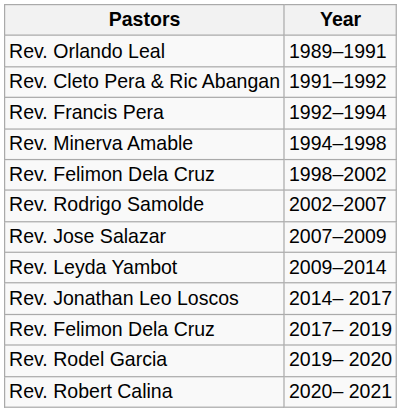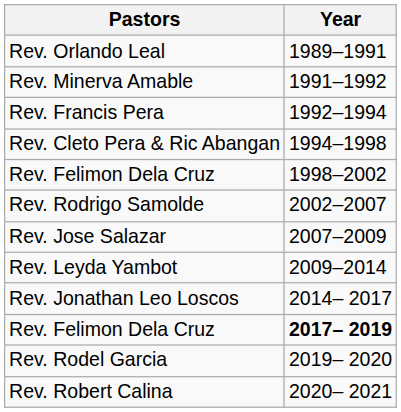 <table class="wikitable">
 <tr>
 <th>Pastors</th>
 <th>Year</th>
 </tr>
 <tr>
 <td>Rev. Orlando Leal</td>
 <td>1989–1991</td>
 </tr>
 <tr>
-<td>Rev. Cleto Pera & Ric Abangan</td>
+<td>Rev. Minerva Amable</td>
 <td>1991–1992</td>
 </tr>
 <tr>
 <td>Rev. Francis Pera</td>
 <td>1992–1994</td>
 </tr>
 <tr>
-<td>Rev. Minerva Amable</td>
+<td>Rev. Cleto Pera & Ric Abangan</td>
 <td>1994–1998</td>
 </tr>
 <tr>
 <td>Rev. Felimon Dela Cruz</td>
 <td>1998–2002</td>
 </tr>
 <tr>
 <td>Rev. Rodrigo Samolde</td>
 <td>2002–2007</td>
 </tr>
 <tr>
 <td>Rev. Jose Salazar</td>
 <td>2007–2009</td>
 </tr>
 <tr>
 <td>Rev. Leyda Yambot</td>
 <td>2009–2014</td>
 </tr>
 <tr>
 <td>Rev. Jonathan Leo Loscos</td>
 <td>2014– 2017</td>
 </tr>
 <tr>
 <td>Rev. Felimon Dela Cruz</td>
-<td>2017– 2019</td>
+<td><strong>2017– 2019</strong></td>
 </tr>
 <tr>
 <td>Rev. Rodel Garcia</td>
 <td>2019– 2020</td>
 </tr>
 <tr>
 <td>Rev. Robert Calina</td>
 <td>2020– 2021</td>
 </tr>
 </table>
